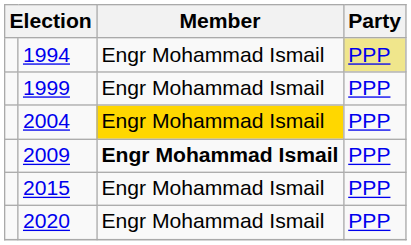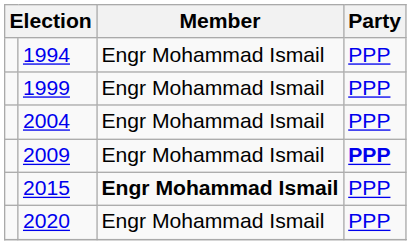 <table class="wikitable">
 <tr>
 <th colspan="2">Election</th>
 <th>Member</th>
 <th>Party</th>
 </tr>
 <tr>
 <td style="background-color: "></td>
 <td><a href='#'>1994</a></td>
 <td>Engr Mohammad Ismail</td>
-<td style="background: khaki;"><a href='#'>PPP</a></td>
+<td><a href='#'>PPP</a></td>
 </tr>
 <tr>
 <td style="background-color: "></td>
 <td><a href='#'>1999</a></td>
 <td>Engr Mohammad Ismail</td>
 <td><a href='#'>PPP</a></td>
 </tr>
 <tr>
 <td style="background-color: "></td>
 <td><a href='#'>2004</a></td>
-<td style="background: gold;">Engr Mohammad Ismail</td>
+<td>Engr Mohammad Ismail</td>
 <td><a href='#'>PPP</a></td>
 </tr>
 <tr>
 <td style="background-color: "></td>
 <td><a href='#'>2009</a></td>
-<td><strong>Engr Mohammad Ismail</strong></td>
-<td><a href='#'>PPP</a></td>
+<td>Engr Mohammad Ismail</td>
+<td><strong><a href='#'>PPP</a></strong></td>
 </tr>
 <tr>
 <td style="background-color: "></td>
 <td><a href='#'>2015</a></td>
-<td>Engr Mohammad Ismail</td>
+<td><strong>Engr Mohammad Ismail</strong></td>
 <td><a href='#'>PPP</a></td>
 </tr>
 <tr>
 <td style="background-color: "></td>
 <td><a href='#'>2020</a></td>
 <td>Engr Mohammad Ismail</td>
 <td><a href='#'>PPP</a></td>
 </tr>
 <tr>
 </tr>
 </table>
